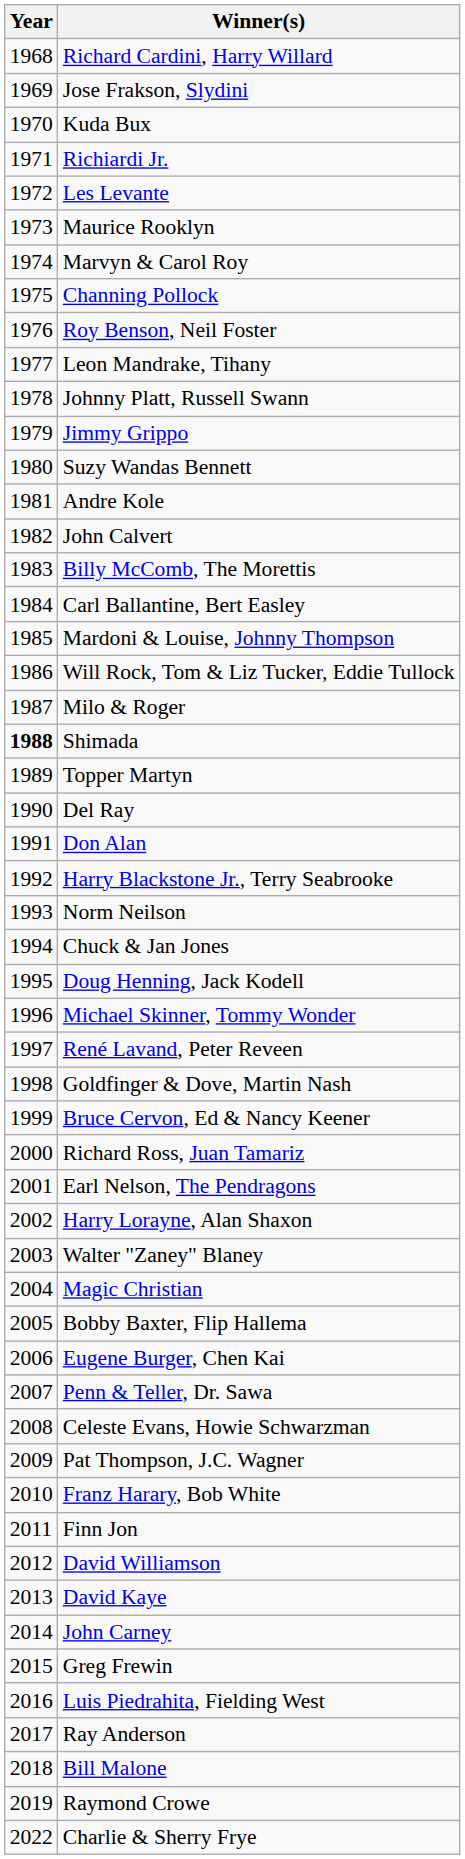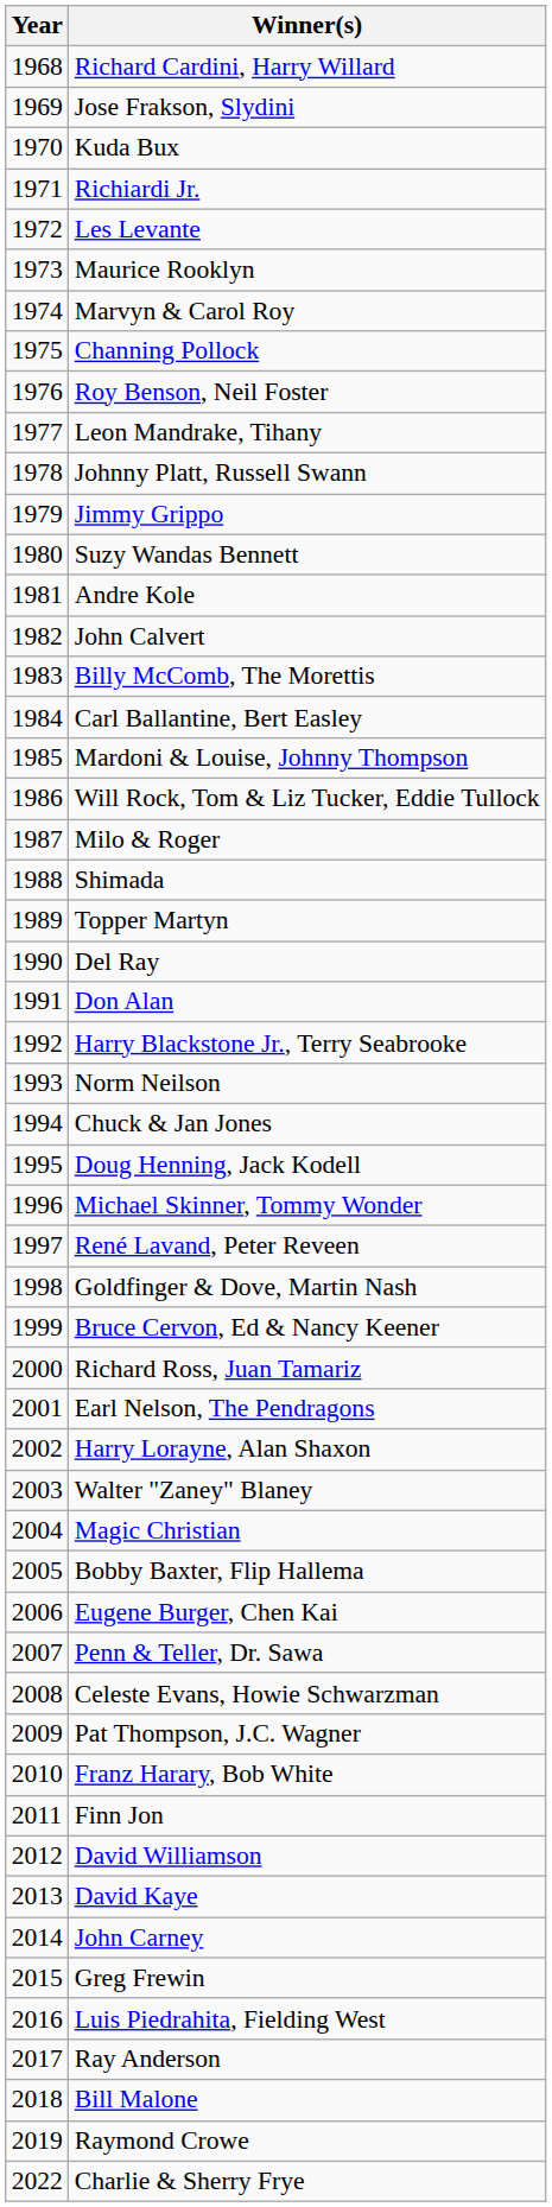 <table class="wikitable sortable">
 <tr>
 <th>Year</th>
 <th>Winner(s)</th>
 </tr>
 <tr>
 <td>1968</td>
 <td><a href='#'>Richard Cardini</a>, <a href='#'>Harry Willard</a></td>
 </tr>
 <tr>
 <td>1969</td>
 <td>Jose Frakson, <a href='#'>Slydini</a></td>
 </tr>
 <tr>
 <td>1970</td>
 <td>Kuda Bux</td>
 </tr>
 <tr>
 <td>1971</td>
 <td><a href='#'>Richiardi Jr.</a></td>
 </tr>
 <tr>
 <td>1972</td>
 <td><a href='#'>Les Levante</a></td>
 </tr>
 <tr>
 <td>1973</td>
 <td>Maurice Rooklyn</td>
 </tr>
 <tr>
 <td>1974</td>
 <td>Marvyn & Carol Roy</td>
 </tr>
 <tr>
 <td>1975</td>
 <td><a href='#'>Channing Pollock</a></td>
 </tr>
 <tr>
 <td>1976</td>
 <td><a href='#'>Roy Benson</a>, Neil Foster</td>
 </tr>
 <tr>
 <td>1977</td>
 <td>Leon Mandrake, Tihany</td>
 </tr>
 <tr>
 <td>1978</td>
 <td>Johnny Platt, Russell Swann</td>
 </tr>
 <tr>
 <td>1979</td>
 <td><a href='#'>Jimmy Grippo</a></td>
 </tr>
 <tr>
 <td>1980</td>
 <td>Suzy Wandas Bennett</td>
 </tr>
 <tr>
 <td>1981</td>
 <td>Andre Kole</td>
 </tr>
 <tr>
 <td>1982</td>
 <td>John Calvert</td>
 </tr>
 <tr>
 <td>1983</td>
 <td><a href='#'>Billy McComb</a>, The Morettis</td>
 </tr>
 <tr>
 <td>1984</td>
 <td>Carl Ballantine, Bert Easley</td>
 </tr>
 <tr>
 <td>1985</td>
 <td>Mardoni & Louise, <a href='#'>Johnny Thompson</a></td>
 </tr>
 <tr>
 <td>1986</td>
 <td>Will Rock, Tom & Liz Tucker, Eddie Tullock</td>
 </tr>
 <tr>
 <td>1987</td>
 <td>Milo & Roger</td>
 </tr>
 <tr>
-<td><strong>1988</strong></td>
+<td>1988</td>
 <td>Shimada</td>
 </tr>
 <tr>
 <td>1989</td>
 <td>Topper Martyn</td>
 </tr>
 <tr>
 <td>1990</td>
 <td>Del Ray</td>
 </tr>
 <tr>
 <td>1991</td>
 <td><a href='#'>Don Alan</a></td>
 </tr>
 <tr>
 <td>1992</td>
 <td><a href='#'>Harry Blackstone Jr.</a>, Terry Seabrooke</td>
 </tr>
 <tr>
 <td>1993</td>
 <td>Norm Neilson</td>
 </tr>
 <tr>
 <td>1994</td>
 <td>Chuck & Jan Jones</td>
 </tr>
 <tr>
 <td>1995</td>
 <td><a href='#'>Doug Henning</a>, Jack Kodell</td>
 </tr>
 <tr>
 <td>1996</td>
 <td><a href='#'>Michael Skinner</a>, <a href='#'>Tommy Wonder</a></td>
 </tr>
 <tr>
 <td>1997</td>
 <td><a href='#'>René Lavand</a>, Peter Reveen</td>
 </tr>
 <tr>
 <td>1998</td>
 <td>Goldfinger & Dove, Martin Nash</td>
 </tr>
 <tr>
 <td>1999</td>
 <td><a href='#'>Bruce Cervon</a>, Ed & Nancy Keener</td>
 </tr>
 <tr>
 <td>2000</td>
 <td>Richard Ross, <a href='#'>Juan Tamariz</a></td>
 </tr>
 <tr>
 <td>2001</td>
 <td>Earl Nelson, <a href='#'>The Pendragons</a></td>
 </tr>
 <tr>
 <td>2002</td>
 <td><a href='#'>Harry Lorayne</a>, Alan Shaxon</td>
 </tr>
 <tr>
 <td>2003</td>
 <td>Walter "Zaney" Blaney</td>
 </tr>
 <tr>
 <td>2004</td>
 <td><a href='#'>Magic Christian</a></td>
 </tr>
 <tr>
 <td>2005</td>
 <td>Bobby Baxter, Flip Hallema</td>
 </tr>
 <tr>
 <td>2006</td>
 <td><a href='#'>Eugene Burger</a>, Chen Kai</td>
 </tr>
 <tr>
 <td>2007</td>
 <td><a href='#'>Penn & Teller</a>, Dr. Sawa</td>
 </tr>
 <tr>
 <td>2008</td>
 <td>Celeste Evans, Howie Schwarzman</td>
 </tr>
 <tr>
 <td>2009</td>
 <td>Pat Thompson, J.C. Wagner</td>
 </tr>
 <tr>
 <td>2010</td>
 <td><a href='#'>Franz Harary</a>, Bob White</td>
 </tr>
 <tr>
 <td>2011</td>
 <td>Finn Jon</td>
 </tr>
 <tr>
 <td>2012</td>
 <td><a href='#'>David Williamson</a></td>
 </tr>
 <tr>
 <td>2013</td>
 <td><a href='#'>David Kaye</a></td>
 </tr>
 <tr>
 <td>2014</td>
 <td><a href='#'>John Carney</a></td>
 </tr>
 <tr>
 <td>2015</td>
 <td>Greg Frewin</td>
 </tr>
 <tr>
 <td>2016</td>
 <td><a href='#'>Luis Piedrahita</a>, Fielding West</td>
 </tr>
 <tr>
 <td>2017</td>
 <td>Ray Anderson</td>
 </tr>
 <tr>
 <td>2018</td>
 <td><a href='#'>Bill Malone</a></td>
 </tr>
 <tr>
 <td>2019</td>
 <td>Raymond Crowe</td>
 </tr>
 <tr>
 <td>2022</td>
 <td>Charlie & Sherry Frye</td>
 </tr>
 </table>
